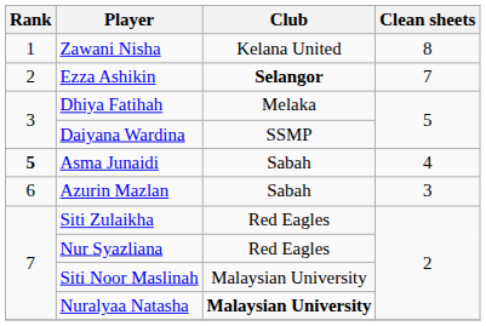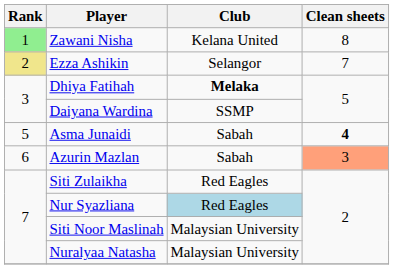 <table class="wikitable" style="text-align:center">
 <tr>
 <th>Rank</th>
 <th>Player</th>
 <th>Club</th>
 <th>Clean sheets</th>
 </tr>
 <tr>
-<td>1</td>
+<td style="background: lightgreen;">1</td>
 <td style="text-align:left;"> <a href='#'>Zawani Nisha</a></td>
 <td style="text-align:center;">Kelana United</td>
 <td>8</td>
 </tr>
 <tr>
-<td>2</td>
+<td style="background: khaki;">2</td>
 <td style="text-align:left;"> <a href='#'>Ezza Ashikin</a></td>
-<td style="text-align:center;"><strong>Selangor</strong></td>
+<td style="text-align:center;">Selangor</td>
 <td>7</td>
 </tr>
 <tr>
 <td rowspan=2>3</td>
 <td style="text-align:left;"> <a href='#'>Dhiya Fatihah</a></td>
-<td style="text-align:center;">Melaka</td>
+<td style="text-align:center;"><strong>Melaka</strong></td>
 <td rowspan=2>5</td>
 </tr>
 <tr>
 <td style="text-align:left;"> <a href='#'>Daiyana Wardina</a></td>
 <td style="text-align:center;">SSMP</td>
 </tr>
 <tr>
-<td><strong>5</strong></td>
+<td>5</td>
 <td style="text-align:left;"> <a href='#'>Asma Junaidi</a></td>
 <td style="text-align:center;">Sabah</td>
-<td>4</td>
+<td><strong>4</strong></td>
 </tr>
 <tr>
 <td>6</td>
 <td style="text-align:left;"> <a href='#'>Azurin Mazlan</a></td>
 <td style="text-align:center;">Sabah</td>
-<td>3</td>
+<td style="background: lightsalmon;">3</td>
 </tr>
 <tr>
 <td rowspan=4>7</td>
 <td style="text-align:left;"> <a href='#'>Siti Zulaikha</a></td>
 <td style="text-align:center;">Red Eagles</td>
 <td rowspan=4>2</td>
 </tr>
 <tr>
 <td style="text-align:left;"> <a href='#'>Nur Syazliana</a></td>
-<td style="text-align:center;">Red Eagles</td>
+<td style="background: lightblue; text-align:center;">Red Eagles</td>
 </tr>
 <tr>
 <td style="text-align:left;"> <a href='#'>Siti Noor Maslinah</a></td>
 <td style="text-align:center;">Malaysian University</td>
 </tr>
 <tr>
 <td style="text-align:left;"> <a href='#'>Nuralyaa Natasha</a></td>
-<td style="text-align:center;"><strong>Malaysian University</strong></td>
+<td style="text-align:center;">Malaysian University</td>
 </tr>
 <tr>
 </tr>
 </table>
